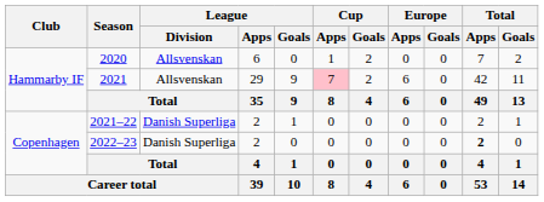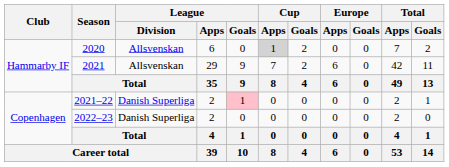 <table class="wikitable" style="text-align:center">
 <tr>
 <th rowspan="2">Club</th>
 <th rowspan="2">Season</th>
 <th colspan="3">League</th>
 <th colspan="2">Cup</th>
 <th colspan="2">Europe</th>
 <th colspan="2">Total</th>
 </tr>
 <tr>
 <th>Division</th>
 <th>Apps</th>
 <th>Goals</th>
 <th>Apps</th>
 <th>Goals</th>
 <th>Apps</th>
 <th>Goals</th>
 <th>Apps</th>
 <th>Goals</th>
 </tr>
 <tr>
 <td rowspan="3"><a href='#'>Hammarby IF</a></td>
 <td><a href='#'>2020</a></td>
 <td><a href='#'>Allsvenskan</a></td>
 <td>6</td>
 <td>0</td>
-<td>1</td>
+<td style="background: lightgrey;">1</td>
 <td>2</td>
 <td>0</td>
 <td>0</td>
 <td>7</td>
 <td>2</td>
 </tr>
 <tr>
 <td><a href='#'>2021</a></td>
 <td>Allsvenskan</td>
 <td>29</td>
 <td>9</td>
-<td style="background: pink;">7</td>
+<td>7</td>
 <td>2</td>
 <td>6</td>
 <td>0</td>
 <td>42</td>
 <td>11</td>
 </tr>
 <tr>
 <th colspan="2">Total</th>
 <th>35</th>
 <th>9</th>
 <th>8</th>
 <th>4</th>
 <th>6</th>
 <th>0</th>
 <th>49</th>
 <th>13</th>
 </tr>
 <tr>
 <td rowspan="3"><a href='#'>Copenhagen</a></td>
 <td><a href='#'>2021–22</a></td>
 <td><a href='#'>Danish Superliga</a></td>
 <td>2</td>
-<td>1</td>
+<td style="background: pink;">1</td>
 <td>0</td>
 <td>0</td>
 <td>0</td>
 <td>0</td>
 <td>2</td>
 <td>1</td>
 </tr>
 <tr>
 <td><a href='#'>2022–23</a></td>
 <td>Danish Superliga</td>
 <td>2</td>
 <td>0</td>
 <td>0</td>
 <td>0</td>
 <td>0</td>
 <td>0</td>
-<td><strong>2</strong></td>
+<td>2</td>
 <td>0</td>
 </tr>
 <tr>
 <th colspan="2">Total</th>
 <th>4</th>
 <th>1</th>
 <th>0</th>
 <th>0</th>
 <th>0</th>
 <th>0</th>
 <th>4</th>
 <th>1</th>
 </tr>
 <tr>
 <th colspan="3">Career total</th>
 <th>39</th>
 <th>10</th>
 <th>8</th>
 <th>4</th>
 <th>6</th>
 <th>0</th>
 <th>53</th>
 <th>14</th>
 </tr>
 </table>
